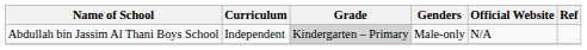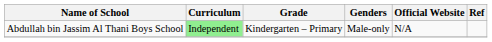 <table class="wikitable">
 <tr>
 <th>Name of School</th>
 <th>Curriculum</th>
 <th>Grade</th>
 <th>Genders</th>
 <th>Official Website</th>
 <th>Ref</th>
 </tr>
 <tr>
 <td>Abdullah bin Jassim Al Thani Boys School</td>
-<td>Independent</td>
-<td style="background: lightgrey;">Kindergarten – Primary</td>
+<td style="background: lightgreen;">Independent</td>
+<td>Kindergarten – Primary</td>
 <td>Male-only</td>
 <td>N/A</td>
 <td></td>
 </tr>
 <tr>
 </tr>
 </table>
